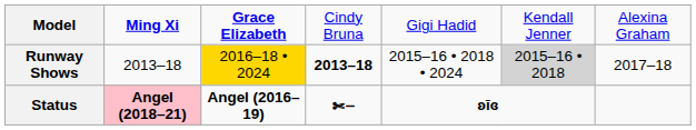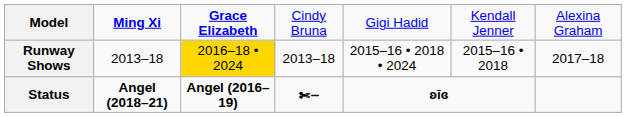 <table class="wikitable" style="font-size:85%; width:100%;" align="center">
 <tr>
 <th scope="row">Model</th>
 <td align="center"> <strong><a href='#'>Ming Xi</a></strong></td>
 <td align="center"><u></u> <strong><a href='#'>Grace Elizabeth</a></strong></td>
 <td align="center"> <a href='#'>Cindy Bruna</a></td>
 <td align="center"> <a href='#'>Gigi Hadid</a></td>
 <td align="center"> <a href='#'>Kendall Jenner</a></td>
 <td align="center"><em></em> <a href='#'>Alexina Graham</a></td>
 </tr>
 <tr>
 <th scope="row">Runway Shows</th>
 <td align="center">2013–18</td>
 <td align="center" style="background: gold;">2016–18 • 2024</td>
-<td align="center"><strong>2013–18</strong></td>
+<td align="center">2013–18</td>
 <td align="center">2015–16 • 2018 • 2024</td>
-<td align="center" style="background: lightgrey;">2015–16 • 2018</td>
+<td align="center">2015–16 • 2018</td>
 <td align="center">2017–18</td>
 </tr>
 <tr>
 <th>Status</th>
-<td align="center" style="background: pink;"><strong> Angel (2018–21)</strong></td>
+<td align="center"><strong> Angel (2018–21)</strong></td>
 <td align="center"><strong> Angel (2016–19)</strong></td>
 <td align="center"><strong>✄┈</strong></td>
 <td colspan="2" align="center"><strong>ʚĭɞ</strong></td>
 <td align="center"></td>
 </tr>
 </table>
